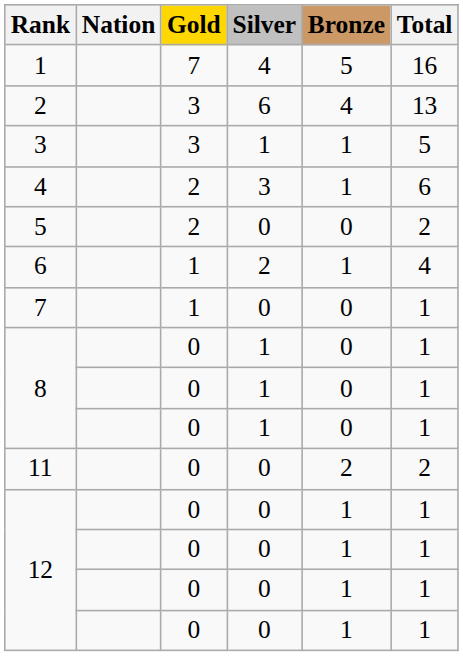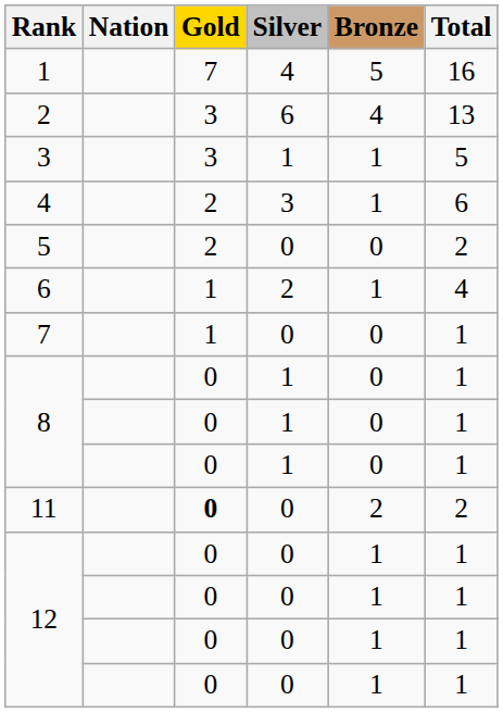 <table class="wikitable sortable" style="text-align:center">
 <tr>
 <th>Rank</th>
 <th>Nation</th>
 <th style="background-color:gold">Gold</th>
 <th style="background-color:silver">Silver</th>
 <th style="background-color:#cc9966">Bronze</th>
 <th>Total</th>
 </tr>
 <tr>
 <td>1</td>
 <td align=left></td>
 <td>7</td>
 <td>4</td>
 <td>5</td>
 <td>16</td>
 </tr>
 <tr>
 <td>2</td>
 <td align=left></td>
 <td>3</td>
 <td>6</td>
 <td>4</td>
 <td>13</td>
 </tr>
 <tr>
 <td>3</td>
 <td align=left></td>
 <td>3</td>
 <td>1</td>
 <td>1</td>
 <td>5</td>
 </tr>
 <tr>
 <td>4</td>
 <td align=left></td>
 <td>2</td>
 <td>3</td>
 <td>1</td>
 <td>6</td>
 </tr>
 <tr>
 <td>5</td>
 <td align=left></td>
 <td>2</td>
 <td>0</td>
 <td>0</td>
 <td>2</td>
 </tr>
 <tr>
 <td>6</td>
 <td align="left"></td>
 <td>1</td>
 <td>2</td>
 <td>1</td>
 <td>4</td>
 </tr>
 <tr>
 <td>7</td>
 <td align="left"></td>
 <td>1</td>
 <td>0</td>
 <td>0</td>
 <td>1</td>
 </tr>
 <tr>
 <td rowspan="3">8</td>
 <td align="left"></td>
 <td>0</td>
 <td>1</td>
 <td>0</td>
 <td>1</td>
 </tr>
 <tr>
 <td align="left"></td>
 <td>0</td>
 <td>1</td>
 <td>0</td>
 <td>1</td>
 </tr>
 <tr>
 <td align="left"></td>
 <td>0</td>
 <td>1</td>
 <td>0</td>
 <td>1</td>
 </tr>
 <tr>
 <td>11</td>
 <td align=left></td>
-<td>0</td>
+<td><strong>0</strong></td>
 <td>0</td>
 <td>2</td>
 <td>2</td>
 </tr>
 <tr>
 <td rowspan="4">12</td>
 <td align=left></td>
 <td>0</td>
 <td>0</td>
 <td>1</td>
 <td>1</td>
 </tr>
 <tr>
 <td align="left"></td>
 <td>0</td>
 <td>0</td>
 <td>1</td>
 <td>1</td>
 </tr>
 <tr>
 <td align="left"></td>
 <td>0</td>
 <td>0</td>
 <td>1</td>
 <td>1</td>
 </tr>
 <tr>
 <td align="left"></td>
 <td>0</td>
 <td>0</td>
 <td>1</td>
 <td>1</td>
 </tr>
 </table>
